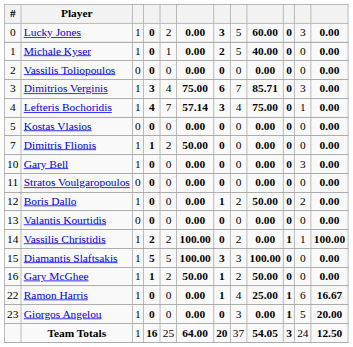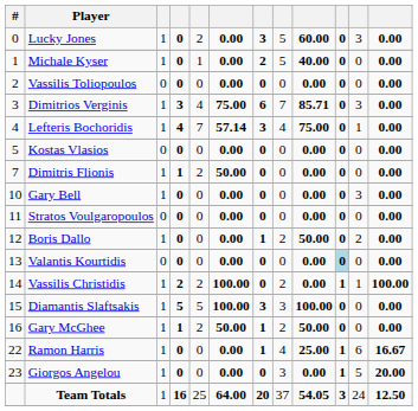 <table class="wikitable sortable" style="font-size:90%; text-align:center;">
 <tr>
 <th>#</th>
 <th>Player</th>
 <th></th>
 <th></th>
 <th></th>
 <th></th>
 <th></th>
 <th></th>
 <th></th>
 <th></th>
 <th></th>
 <th></th>
 </tr>
 <tr>
 <td>0</td>
 <td align="left"> <a href='#'>Lucky Jones</a></td>
 <td>1</td>
 <td><strong>0</strong></td>
 <td>2</td>
 <td><strong>0.00</strong></td>
 <td><strong>3</strong></td>
 <td>5</td>
 <td><strong>60.00</strong></td>
 <td><strong>0</strong></td>
 <td>3</td>
 <td><strong>0.00</strong></td>
 </tr>
 <tr>
 </tr>
 <tr>
 <td>1</td>
 <td align="left"> <a href='#'>Michale Kyser</a></td>
 <td>1</td>
 <td><strong>0</strong></td>
 <td>1</td>
 <td><strong>0.00</strong></td>
 <td><strong>2</strong></td>
 <td>5</td>
 <td><strong>40.00</strong></td>
 <td><strong>0</strong></td>
 <td>0</td>
 <td><strong>0.00</strong></td>
 </tr>
 <tr>
 </tr>
 <tr>
 <td>2</td>
 <td align="left"> <a href='#'>Vassilis Toliopoulos</a></td>
 <td>0</td>
 <td><strong>0</strong></td>
 <td>0</td>
 <td><strong>0.00</strong></td>
 <td><strong>0</strong></td>
 <td>0</td>
 <td><strong>0.00</strong></td>
 <td><strong>0</strong></td>
 <td>0</td>
 <td><strong>0.00</strong></td>
 </tr>
 <tr>
 </tr>
 <tr>
 <td>3</td>
 <td align="left"> <a href='#'>Dimitrios Verginis</a></td>
 <td>1</td>
 <td><strong>3</strong></td>
 <td>4</td>
 <td><strong>75.00</strong></td>
 <td><strong>6</strong></td>
 <td>7</td>
 <td><strong>85.71</strong></td>
 <td><strong>0</strong></td>
 <td>3</td>
 <td><strong>0.00</strong></td>
 </tr>
 <tr>
 </tr>
 <tr>
 <td>4</td>
 <td align="left"> <a href='#'>Lefteris Bochoridis</a></td>
 <td>1</td>
 <td><strong>4</strong></td>
 <td>7</td>
 <td><strong>57.14</strong></td>
 <td><strong>3</strong></td>
 <td>4</td>
 <td><strong>75.00</strong></td>
 <td><strong>0</strong></td>
 <td>1</td>
 <td><strong>0.00</strong></td>
 </tr>
 <tr>
 </tr>
 <tr>
 <td>5</td>
 <td align="left"> <a href='#'>Kostas Vlasios</a></td>
 <td>0</td>
 <td><strong>0</strong></td>
 <td>0</td>
 <td><strong>0.00</strong></td>
 <td><strong>0</strong></td>
 <td>0</td>
 <td><strong>0.00</strong></td>
 <td><strong>0</strong></td>
 <td>0</td>
 <td><strong>0.00</strong></td>
 </tr>
 <tr>
 </tr>
 <tr>
 <td>7</td>
 <td align="left"> <a href='#'>Dimitris Flionis</a></td>
 <td>1</td>
 <td><strong>1</strong></td>
 <td>2</td>
 <td><strong>50.00</strong></td>
 <td><strong>0</strong></td>
 <td>0</td>
 <td><strong>0.00</strong></td>
 <td><strong>0</strong></td>
 <td>0</td>
 <td><strong>0.00</strong></td>
 </tr>
 <tr>
 </tr>
 <tr>
 <td>10</td>
 <td align="left"> <a href='#'>Gary Bell</a></td>
 <td>1</td>
 <td><strong>0</strong></td>
 <td>0</td>
 <td><strong>0.00</strong></td>
 <td><strong>0</strong></td>
 <td>0</td>
 <td><strong>0.00</strong></td>
 <td><strong>0</strong></td>
 <td>3</td>
 <td><strong>0.00</strong></td>
 </tr>
 <tr>
 </tr>
 <tr>
 <td>11</td>
 <td align="left"> <a href='#'>Stratos Voulgaropoulos</a></td>
 <td>0</td>
 <td><strong>0</strong></td>
 <td>0</td>
 <td><strong>0.00</strong></td>
 <td><strong>0</strong></td>
 <td>0</td>
 <td><strong>0.00</strong></td>
 <td><strong>0</strong></td>
 <td>0</td>
 <td><strong>0.00</strong></td>
 </tr>
 <tr>
 </tr>
 <tr>
 <td>12</td>
 <td align="left"> <a href='#'>Boris Dallo</a></td>
 <td>1</td>
 <td><strong>0</strong></td>
 <td>0</td>
 <td><strong>0.00</strong></td>
 <td><strong>1</strong></td>
 <td>2</td>
 <td><strong>50.00</strong></td>
 <td><strong>0</strong></td>
 <td>2</td>
 <td><strong>0.00</strong></td>
 </tr>
 <tr>
 </tr>
 <tr>
 <td>13</td>
 <td align="left"> <a href='#'>Valantis Kourtidis</a></td>
 <td>0</td>
 <td><strong>0</strong></td>
 <td>0</td>
 <td><strong>0.00</strong></td>
 <td><strong>0</strong></td>
 <td>0</td>
 <td><strong>0.00</strong></td>
-<td><strong>0</strong></td>
+<td style="background: lightblue;"><strong>0</strong></td>
 <td>0</td>
 <td><strong>0.00</strong></td>
 </tr>
 <tr>
 </tr>
 <tr>
 <td>14</td>
 <td align="left"> <a href='#'>Vassilis Christidis</a></td>
 <td>1</td>
 <td><strong>2</strong></td>
 <td>2</td>
 <td><strong>100.00</strong></td>
 <td><strong>0</strong></td>
 <td>2</td>
 <td><strong>0.00</strong></td>
 <td><strong>1</strong></td>
 <td>1</td>
 <td><strong>100.00</strong></td>
 </tr>
 <tr>
 </tr>
 <tr>
 <td>15</td>
 <td align="left"> <a href='#'>Diamantis Slaftsakis</a></td>
 <td>1</td>
 <td><strong>5</strong></td>
 <td>5</td>
 <td><strong>100.00</strong></td>
 <td><strong>3</strong></td>
 <td>3</td>
 <td><strong>100.00</strong></td>
 <td><strong>0</strong></td>
 <td>0</td>
 <td><strong>0.00</strong></td>
 </tr>
 <tr>
 </tr>
 <tr>
 <td>16</td>
 <td align="left"> <a href='#'>Gary McGhee</a></td>
 <td>1</td>
 <td><strong>1</strong></td>
 <td>2</td>
 <td><strong>50.00</strong></td>
 <td><strong>1</strong></td>
 <td>2</td>
 <td><strong>50.00</strong></td>
 <td><strong>0</strong></td>
 <td>0</td>
 <td><strong>0.00</strong></td>
 </tr>
 <tr>
 </tr>
 <tr>
 <td>22</td>
 <td align="left"> <a href='#'>Ramon Harris</a></td>
 <td>1</td>
 <td><strong>0</strong></td>
 <td>0</td>
 <td><strong>0.00</strong></td>
 <td><strong>1</strong></td>
 <td>4</td>
 <td><strong>25.00</strong></td>
 <td><strong>1</strong></td>
 <td>6</td>
 <td><strong>16.67</strong></td>
 </tr>
 <tr>
 </tr>
 <tr>
 <td>23</td>
 <td align="left"> <a href='#'>Giorgos Angelou</a></td>
 <td>1</td>
 <td><strong>0</strong></td>
 <td>0</td>
 <td><strong>0.00</strong></td>
 <td><strong>0</strong></td>
 <td>3</td>
 <td><strong>0.00</strong></td>
 <td><strong>1</strong></td>
 <td>5</td>
 <td><strong>20.00</strong></td>
 </tr>
 <tr>
 </tr>
 <tr>
 <td></td>
 <td><strong>Team Totals</strong></td>
 <td>1</td>
 <td><strong>16</strong></td>
 <td>25</td>
 <td><strong>64.00</strong></td>
 <td><strong>20</strong></td>
 <td>37</td>
 <td><strong>54.05</strong></td>
 <td><strong>3</strong></td>
 <td>24</td>
 <td><strong>12.50</strong></td>
 </tr>
 <tr>
 </tr>
 </table>
